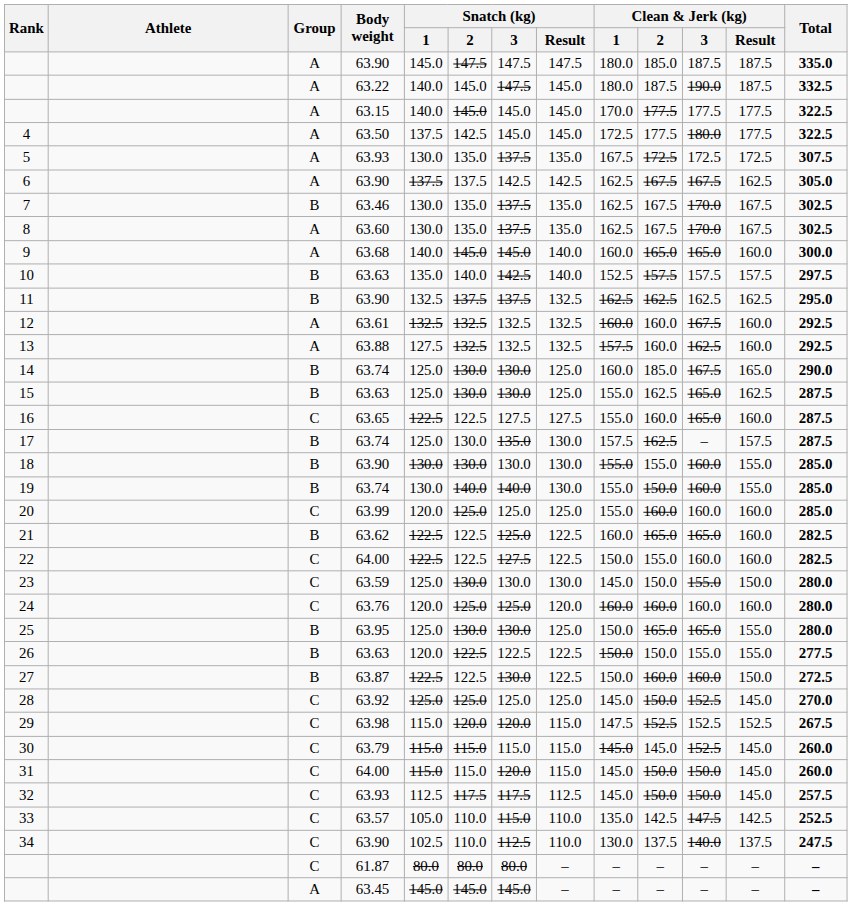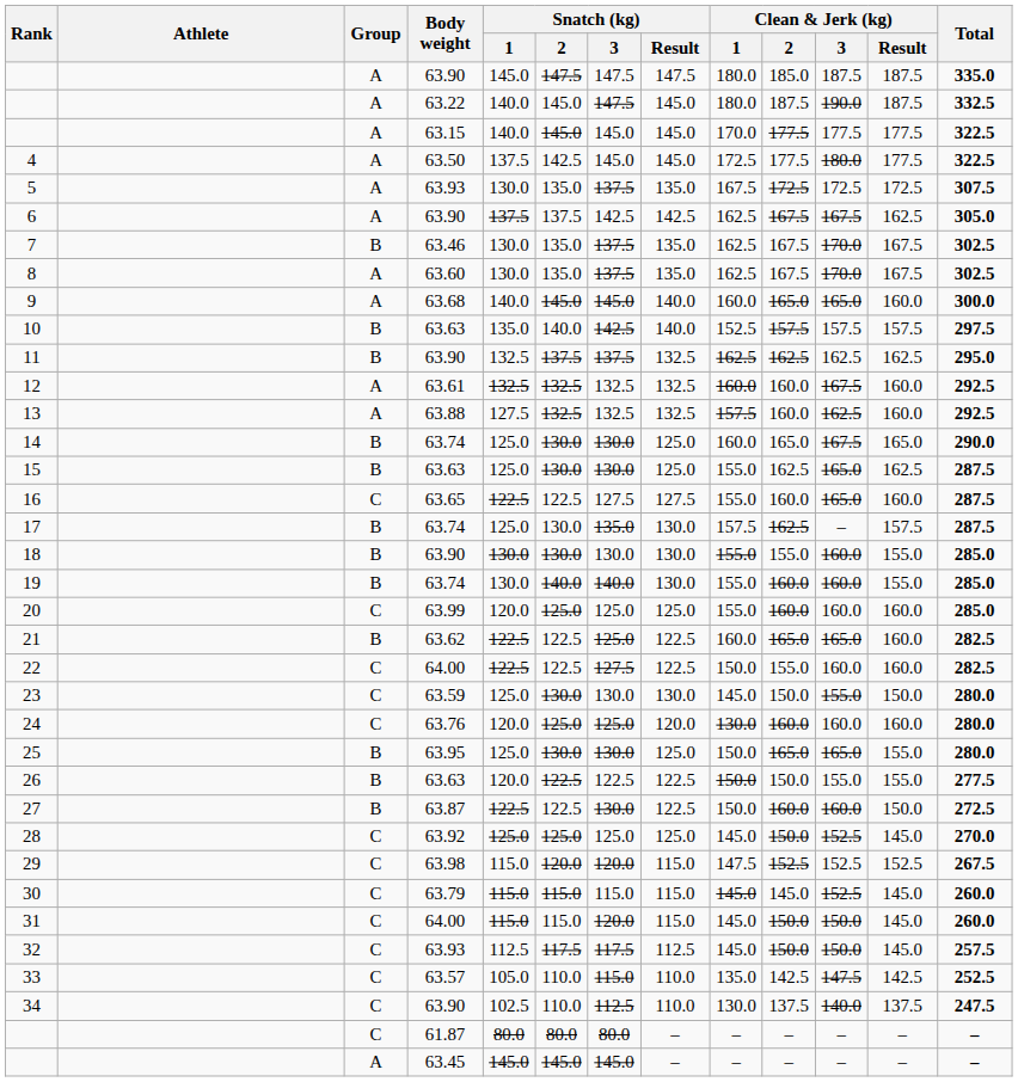 <table class="wikitable" style=" text-align:center;">
 <tr>
 <th rowspan=2 width=40>Rank</th>
 <th rowspan=2 width=250>Athlete</th>
 <th rowspan=2 width=50>Group</th>
 <th rowspan=2 width=60>Body weight</th>
 <th colspan=4>Snatch (kg)</th>
 <th colspan=4>Clean & Jerk (kg)</th>
 <th rowspan=2 width=60>Total</th>
 </tr>
 <tr>
 <th width=40>1</th>
 <th width=40>2</th>
 <th width=40>3</th>
 <th width=55>Result</th>
 <th width=40>1</th>
 <th width=40>2</th>
 <th width=40>3</th>
 <th width=55>Result</th>
 </tr>
 <tr>
 <td></td>
 <td align=left></td>
 <td>A</td>
 <td>63.90</td>
 <td>145.0</td>
 <td><s>147.5</s></td>
 <td>147.5</td>
 <td>147.5</td>
 <td>180.0</td>
 <td>185.0</td>
 <td>187.5</td>
 <td>187.5</td>
 <td><strong>335.0</strong></td>
 </tr>
 <tr>
 <td></td>
 <td align=left></td>
 <td>A</td>
 <td>63.22</td>
 <td>140.0</td>
 <td>145.0</td>
 <td><s>147.5</s></td>
 <td>145.0</td>
 <td>180.0</td>
 <td>187.5</td>
 <td><s>190.0</s></td>
 <td>187.5</td>
 <td><strong>332.5</strong></td>
 </tr>
 <tr>
 <td></td>
 <td align=left></td>
 <td>A</td>
 <td>63.15</td>
 <td>140.0</td>
 <td><s>145.0</s></td>
 <td>145.0</td>
 <td>145.0</td>
 <td>170.0</td>
 <td><s>177.5</s></td>
 <td>177.5</td>
 <td>177.5</td>
 <td><strong>322.5</strong></td>
 </tr>
 <tr>
 <td>4</td>
 <td align=left></td>
 <td>A</td>
 <td>63.50</td>
 <td>137.5</td>
 <td>142.5</td>
 <td>145.0</td>
 <td>145.0</td>
 <td>172.5</td>
 <td>177.5</td>
 <td><s>180.0</s></td>
 <td>177.5</td>
 <td><strong>322.5</strong></td>
 </tr>
 <tr>
 <td>5</td>
 <td align=left></td>
 <td>A</td>
 <td>63.93</td>
 <td>130.0</td>
 <td>135.0</td>
 <td><s>137.5</s></td>
 <td>135.0</td>
 <td>167.5</td>
 <td><s>172.5</s></td>
 <td>172.5</td>
 <td>172.5</td>
 <td><strong>307.5</strong></td>
 </tr>
 <tr>
 <td>6</td>
 <td align=left></td>
 <td>A</td>
 <td>63.90</td>
 <td><s>137.5</s></td>
 <td>137.5</td>
 <td>142.5</td>
 <td>142.5</td>
 <td>162.5</td>
 <td><s>167.5</s></td>
 <td><s>167.5</s></td>
 <td>162.5</td>
 <td><strong>305.0</strong></td>
 </tr>
 <tr>
 <td>7</td>
 <td align=left></td>
 <td>B</td>
 <td>63.46</td>
 <td>130.0</td>
 <td>135.0</td>
 <td><s>137.5</s></td>
 <td>135.0</td>
 <td>162.5</td>
 <td>167.5</td>
 <td><s>170.0</s></td>
 <td>167.5</td>
 <td><strong>302.5</strong></td>
 </tr>
 <tr>
 <td>8</td>
 <td align=left></td>
 <td>A</td>
 <td>63.60</td>
 <td>130.0</td>
 <td>135.0</td>
 <td><s>137.5</s></td>
 <td>135.0</td>
 <td>162.5</td>
 <td>167.5</td>
 <td><s>170.0</s></td>
 <td>167.5</td>
 <td><strong>302.5</strong></td>
 </tr>
 <tr>
 <td>9</td>
 <td align=left></td>
 <td>A</td>
 <td>63.68</td>
 <td>140.0</td>
 <td><s>145.0</s></td>
 <td><s>145.0</s></td>
 <td>140.0</td>
 <td>160.0</td>
 <td><s>165.0</s></td>
 <td><s>165.0</s></td>
 <td>160.0</td>
 <td><strong>300.0</strong></td>
 </tr>
 <tr>
 <td>10</td>
 <td align=left></td>
 <td>B</td>
 <td>63.63</td>
 <td>135.0</td>
 <td>140.0</td>
 <td><s>142.5</s></td>
 <td>140.0</td>
 <td>152.5</td>
 <td><s>157.5</s></td>
 <td>157.5</td>
 <td>157.5</td>
 <td><strong>297.5</strong></td>
 </tr>
 <tr>
 <td>11</td>
 <td align=left></td>
 <td>B</td>
 <td>63.90</td>
 <td>132.5</td>
 <td><s>137.5</s></td>
 <td><s>137.5</s></td>
 <td>132.5</td>
 <td><s>162.5</s></td>
 <td><s>162.5</s></td>
 <td>162.5</td>
 <td>162.5</td>
 <td><strong>295.0</strong></td>
 </tr>
 <tr>
 <td>12</td>
 <td align=left></td>
 <td>A</td>
 <td>63.61</td>
 <td><s>132.5</s></td>
 <td><s>132.5</s></td>
 <td>132.5</td>
 <td>132.5</td>
 <td><s>160.0</s></td>
 <td>160.0</td>
 <td><s>167.5</s></td>
 <td>160.0</td>
 <td><strong>292.5</strong></td>
 </tr>
 <tr>
 <td>13</td>
 <td align=left></td>
 <td>A</td>
 <td>63.88</td>
 <td>127.5</td>
 <td><s>132.5</s></td>
 <td>132.5</td>
 <td>132.5</td>
 <td><s>157.5</s></td>
 <td>160.0</td>
 <td><s>162.5</s></td>
 <td>160.0</td>
 <td><strong>292.5</strong></td>
 </tr>
 <tr>
 <td>14</td>
 <td align=left></td>
 <td>B</td>
 <td>63.74</td>
 <td>125.0</td>
 <td><s>130.0</s></td>
 <td><s>130.0</s></td>
 <td>125.0</td>
 <td>160.0</td>
-<td>185.0</td>
+<td>165.0</td>
 <td><s>167.5</s></td>
 <td>165.0</td>
 <td><strong>290.0</strong></td>
 </tr>
 <tr>
 <td>15</td>
 <td align=left></td>
 <td>B</td>
 <td>63.63</td>
 <td>125.0</td>
 <td><s>130.0</s></td>
 <td><s>130.0</s></td>
 <td>125.0</td>
 <td>155.0</td>
 <td>162.5</td>
 <td><s>165.0</s></td>
 <td>162.5</td>
 <td><strong>287.5</strong></td>
 </tr>
 <tr>
 <td>16</td>
 <td align=left></td>
 <td>C</td>
 <td>63.65</td>
 <td><s>122.5</s></td>
 <td>122.5</td>
 <td>127.5</td>
 <td>127.5</td>
 <td>155.0</td>
 <td>160.0</td>
 <td><s>165.0</s></td>
 <td>160.0</td>
 <td><strong>287.5</strong></td>
 </tr>
 <tr>
 <td>17</td>
 <td align=left></td>
 <td>B</td>
 <td>63.74</td>
 <td>125.0</td>
 <td>130.0</td>
 <td><s>135.0</s></td>
 <td>130.0</td>
 <td>157.5</td>
 <td><s>162.5</s></td>
 <td>–</td>
 <td>157.5</td>
 <td><strong>287.5</strong></td>
 </tr>
 <tr>
 <td>18</td>
 <td align="left"></td>
 <td>B</td>
 <td>63.90</td>
 <td><s>130.0</s></td>
 <td><s>130.0</s></td>
 <td>130.0</td>
 <td>130.0</td>
 <td><s>155.0</s></td>
 <td>155.0</td>
 <td><s>160.0</s></td>
 <td>155.0</td>
 <td><strong>285.0</strong></td>
 </tr>
 <tr>
 <td>19</td>
 <td align="left"></td>
 <td>B</td>
 <td>63.74</td>
 <td>130.0</td>
 <td><s>140.0</s></td>
 <td><s>140.0</s></td>
 <td>130.0</td>
 <td>155.0</td>
-<td><s>150.0</s></td>
+<td><s>160.0</s></td>
 <td><s>160.0</s></td>
 <td>155.0</td>
 <td><strong>285.0</strong></td>
 </tr>
 <tr>
 <td>20</td>
 <td align="left"></td>
 <td>C</td>
 <td>63.99</td>
 <td>120.0</td>
 <td><s>125.0</s></td>
 <td>125.0</td>
 <td>125.0</td>
 <td>155.0</td>
 <td><s>160.0</s></td>
 <td>160.0</td>
 <td>160.0</td>
 <td><strong>285.0</strong></td>
 </tr>
 <tr>
 <td>21</td>
 <td align="left"></td>
 <td>B</td>
 <td>63.62</td>
 <td><s>122.5</s></td>
 <td>122.5</td>
 <td><s>125.0</s></td>
 <td>122.5</td>
 <td>160.0</td>
 <td><s>165.0</s></td>
 <td><s>165.0</s></td>
 <td>160.0</td>
 <td><strong>282.5</strong></td>
 </tr>
 <tr>
 <td>22</td>
 <td align="left"></td>
 <td>C</td>
 <td>64.00</td>
 <td><s>122.5</s></td>
 <td>122.5</td>
 <td><s>127.5</s></td>
 <td>122.5</td>
 <td>150.0</td>
 <td>155.0</td>
 <td>160.0</td>
 <td>160.0</td>
 <td><strong>282.5</strong></td>
 </tr>
 <tr>
 <td>23</td>
 <td align="left"></td>
 <td>C</td>
 <td>63.59</td>
 <td>125.0</td>
 <td><s>130.0</s></td>
 <td>130.0</td>
 <td>130.0</td>
 <td>145.0</td>
 <td>150.0</td>
 <td><s>155.0</s></td>
 <td>150.0</td>
 <td><strong>280.0</strong></td>
 </tr>
 <tr>
 <td>24</td>
 <td align="left"></td>
 <td>C</td>
 <td>63.76</td>
 <td>120.0</td>
 <td><s>125.0</s></td>
 <td><s>125.0</s></td>
 <td>120.0</td>
-<td><s>160.0</s></td>
+<td><s>130.0</s></td>
 <td><s>160.0</s></td>
 <td>160.0</td>
 <td>160.0</td>
 <td><strong>280.0</strong></td>
 </tr>
 <tr>
 <td>25</td>
 <td align="left"></td>
 <td>B</td>
 <td>63.95</td>
 <td>125.0</td>
 <td><s>130.0</s></td>
 <td><s>130.0</s></td>
 <td>125.0</td>
 <td>150.0</td>
 <td><s>165.0</s></td>
 <td><s>165.0</s></td>
 <td>155.0</td>
 <td><strong>280.0</strong></td>
 </tr>
 <tr>
 <td>26</td>
 <td align="left"></td>
 <td>B</td>
 <td>63.63</td>
 <td>120.0</td>
 <td><s>122.5</s></td>
 <td>122.5</td>
 <td>122.5</td>
 <td><s>150.0</s></td>
 <td>150.0</td>
 <td>155.0</td>
 <td>155.0</td>
 <td><strong>277.5</strong></td>
 </tr>
 <tr>
 <td>27</td>
 <td align="left"></td>
 <td>B</td>
 <td>63.87</td>
 <td><s>122.5</s></td>
 <td>122.5</td>
 <td><s>130.0</s></td>
 <td>122.5</td>
 <td>150.0</td>
 <td><s>160.0</s></td>
 <td><s>160.0</s></td>
 <td>150.0</td>
 <td><strong>272.5</strong></td>
 </tr>
 <tr>
 <td>28</td>
 <td align="left"></td>
 <td>C</td>
 <td>63.92</td>
 <td><s>125.0</s></td>
 <td><s>125.0</s></td>
 <td>125.0</td>
 <td>125.0</td>
 <td>145.0</td>
 <td><s>150.0</s></td>
 <td><s>152.5</s></td>
 <td>145.0</td>
 <td><strong>270.0</strong></td>
 </tr>
 <tr>
 <td>29</td>
 <td align="left"></td>
 <td>C</td>
 <td>63.98</td>
 <td>115.0</td>
 <td><s>120.0</s></td>
 <td><s>120.0</s></td>
 <td>115.0</td>
 <td>147.5</td>
 <td><s>152.5</s></td>
 <td>152.5</td>
 <td>152.5</td>
 <td><strong>267.5</strong></td>
 </tr>
 <tr>
 <td>30</td>
 <td align="left"></td>
 <td>C</td>
 <td>63.79</td>
 <td><s>115.0</s></td>
 <td><s>115.0</s></td>
 <td>115.0</td>
 <td>115.0</td>
 <td><s>145.0</s></td>
 <td>145.0</td>
 <td><s>152.5</s></td>
 <td>145.0</td>
 <td><strong>260.0</strong></td>
 </tr>
 <tr>
 <td>31</td>
 <td align="left"></td>
 <td>C</td>
 <td>64.00</td>
 <td><s>115.0</s></td>
 <td>115.0</td>
 <td><s>120.0</s></td>
 <td>115.0</td>
 <td>145.0</td>
 <td><s>150.0</s></td>
 <td><s>150.0</s></td>
 <td>145.0</td>
 <td><strong>260.0</strong></td>
 </tr>
 <tr>
 <td>32</td>
 <td align="left"></td>
 <td>C</td>
 <td>63.93</td>
 <td>112.5</td>
 <td><s>117.5</s></td>
 <td><s>117.5</s></td>
 <td>112.5</td>
 <td>145.0</td>
 <td><s>150.0</s></td>
 <td><s>150.0</s></td>
 <td>145.0</td>
 <td><strong>257.5</strong></td>
 </tr>
 <tr>
 <td>33</td>
 <td align="left"></td>
 <td>C</td>
 <td>63.57</td>
 <td>105.0</td>
 <td>110.0</td>
 <td><s>115.0</s></td>
 <td>110.0</td>
 <td>135.0</td>
 <td>142.5</td>
 <td><s>147.5</s></td>
 <td>142.5</td>
 <td><strong>252.5</strong></td>
 </tr>
 <tr>
 <td>34</td>
 <td align="left"></td>
 <td>C</td>
 <td>63.90</td>
 <td>102.5</td>
 <td>110.0</td>
 <td><s>112.5</s></td>
 <td>110.0</td>
 <td>130.0</td>
 <td>137.5</td>
 <td><s>140.0</s></td>
 <td>137.5</td>
 <td><strong>247.5</strong></td>
 </tr>
 <tr>
 <td></td>
 <td align="left"></td>
 <td>C</td>
 <td>61.87</td>
 <td><s>80.0</s></td>
 <td><s>80.0</s></td>
 <td><s>80.0</s></td>
 <td>–</td>
 <td>–</td>
 <td>–</td>
 <td>–</td>
 <td>–</td>
 <td><strong>–</strong></td>
 </tr>
 <tr>
 <td></td>
 <td align="left"></td>
 <td>A</td>
 <td>63.45</td>
 <td><s>145.0</s></td>
 <td><s>145.0</s></td>
 <td><s>145.0</s></td>
 <td>–</td>
 <td>–</td>
 <td>–</td>
 <td>–</td>
 <td>–</td>
 <td><strong>–</strong></td>
 </tr>
 </table>
